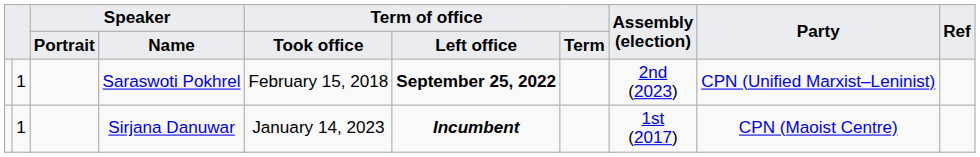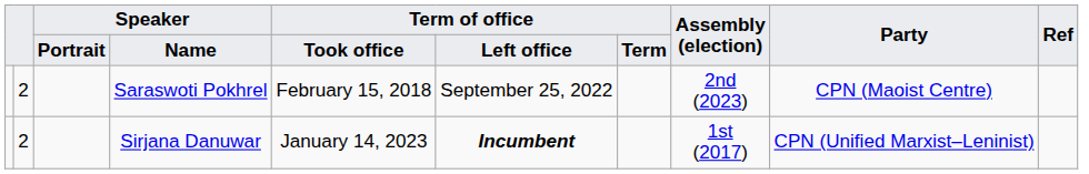 <table class=wikitable style="text-align:center">
 <tr>
 <th colspan="2" rowspan="2" style="background-color:#EAECF0;"></th>
 <th colspan="2" style="background-color:#EAECF0;">Speaker</th>
 <th colspan="3" style="background-color:#EAECF0;">Term of office</th>
 <th colspan="1" rowspan="2" style="background-color:#EAECF0;">Assembly<br>(election)</th>
 <th colspan="1" rowspan="2" style="background-color:#EAECF0;">Party</th>
 <th rowspan="2" style="background-color:#EAECF0;">Ref</th>
 </tr>
 <tr>
 <th style="background-color:#EAECF0;">Portrait</th>
 <th style="background-color:#EAECF0;">Name</th>
 <th style="background-color:#EAECF0;">Took office</th>
 <th style="background-color:#EAECF0;">Left office</th>
 <th style="background-color:#EAECF0;">Term</th>
 </tr>
 <tr>
 <td></td>
-<td>1</td>
+<td>2</td>
 <td></td>
 <td><a href='#'>Saraswoti Pokhrel</a></td>
 <td>February 15, 2018</td>
-<td><strong>September 25, 2022</strong></td>
+<td>September 25, 2022</td>
 <td></td>
 <td><a href='#'>2nd</a><br>(<a href='#'>2023</a>)</td>
-<td><a href='#'>CPN (Unified Marxist–Leninist)</a></td>
+<td><a href='#'>CPN (Maoist Centre)</a></td>
 <td></td>
 </tr>
 <tr>
 <td></td>
-<td>1</td>
+<td>2</td>
 <td></td>
 <td><a href='#'>Sirjana Danuwar</a></td>
 <td>January 14, 2023</td>
 <td><strong><em> Incumbent </em></strong></td>
 <td></td>
 <td><a href='#'>1st</a><br>(<a href='#'>2017</a>)</td>
-<td><a href='#'>CPN (Maoist Centre)</a></td>
+<td><a href='#'>CPN (Unified Marxist–Leninist)</a></td>
 <td></td>
 </tr>
 </table>
